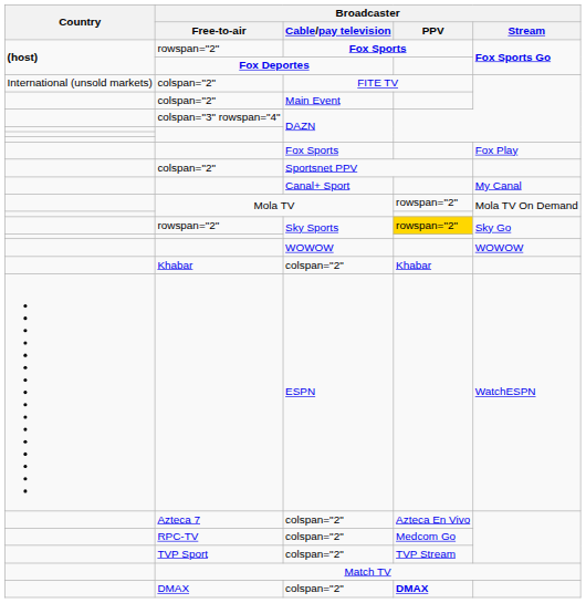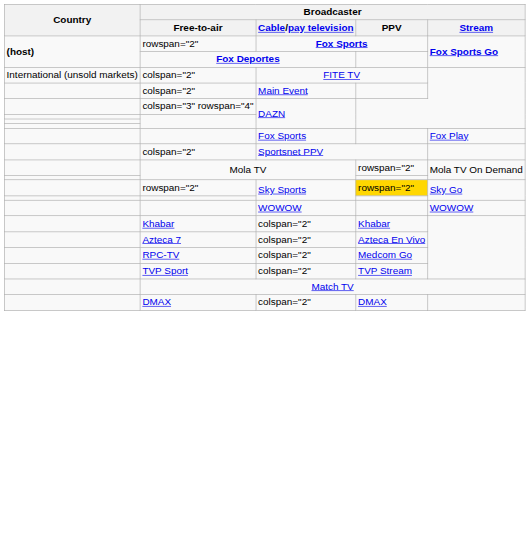 <table class="wikitable">
 <tr>
 <th rowspan="2">Country</th>
 <th colspan="4">Broadcaster</th>
 </tr>
 <tr>
 <th><strong>Free-to-air</strong></th>
 <th><a href='#'>Cable</a><strong>/</strong><a href='#'>pay television</a></th>
 <th><strong>PPV</strong></th>
 <th><a href='#'>Stream</a></th>
 </tr>
 <tr>
 <td rowspan="2"><strong></strong> <strong>(host)</strong></td>
 <td>rowspan="2" </td>
 <td colspan="2" align="center"><a href='#'><strong>Fox Sports</strong></a></td>
 <td rowspan="2"><strong><a href='#'>Fox Sports Go</a></strong></td>
 </tr>
 <tr>
 <td colspan="2" align="center"><strong><a href='#'>Fox Deportes</a></strong></td>
 </tr>
 <tr>
 <td>International (unsold markets)</td>
 <td>colspan="2" </td>
 <td colspan="2" align="center"><a href='#'>FITE TV</a></td>
 </tr>
 <tr>
 <td></td>
 <td>colspan="2" </td>
 <td><a href='#'>Main Event</a></td>
 <td></td>
 </tr>
 <tr>
 <td></td>
 <td>colspan="3" rowspan="4" </td>
 <td rowspan="4"><a href='#'>DAZN</a></td>
 </tr>
 <tr>
 <td></td>
 </tr>
 <tr>
 <td></td>
 </tr>
 <tr>
 <td></td>
 </tr>
 <tr>
 <td></td>
 <td></td>
 <td><a href='#'>Fox Sports</a></td>
 <td></td>
 <td><a href='#'>Fox Play</a></td>
 </tr>
 <tr>
 <td></td>
 <td>colspan="2" </td>
 <td colspan="2"><a href='#'>Sportsnet PPV</a></td>
 </tr>
 <tr>
 <td></td>
-<td></td>
-<td><a href='#'>Canal+ Sport</a></td>
-<td></td>
-<td><a href='#'>My Canal</a></td>
-</tr>
-<tr>
-<td></td>
 <td colspan="2" rowspan="2" align="center">Mola TV</td>
 <td>rowspan="2" </td>
 <td rowspan="2">Mola TV On Demand</td>
 </tr>
 <tr>
 <td></td>
 </tr>
 <tr>
 <td></td>
 <td>rowspan="2" </td>
 <td rowspan="2"><a href='#'>Sky Sports</a></td>
 <td style="background: gold;">rowspan="2" </td>
 <td rowspan="2"><a href='#'>Sky Go</a></td>
 </tr>
 <tr>
 <td></td>
 </tr>
 <tr>
 <td></td>
 <td></td>
 <td><a href='#'>WOWOW</a></td>
 <td></td>
 <td><a href='#'>WOWOW</a></td>
 </tr>
 <tr>
 <td></td>
 <td><a href='#'>Khabar</a></td>
 <td>colspan="2" </td>
 <td><a href='#'>Khabar</a></td>
 </tr>
 <tr>
-<td><br><ul><li></li><li></li><li></li><li></li><li></li><li></li><li></li><li></li><li></li><li></li><li></li><li></li><li></li><li></li><li></li><li></li></ul></td>
-<td></td>
-<td><a href='#'>ESPN</a></td>
-<td></td>
-<td><a href='#'>WatchESPN</a></td>
-</tr>
-<tr>
 <td></td>
 <td><a href='#'>Azteca 7</a></td>
 <td>colspan="2" </td>
 <td><a href='#'>Azteca En Vivo</a></td>
 </tr>
 <tr>
 <td></td>
 <td><a href='#'>RPC-TV</a></td>
 <td>colspan="2" </td>
 <td><a href='#'>Medcom Go</a></td>
 </tr>
 <tr>
 <td></td>
 <td><a href='#'>TVP Sport</a></td>
 <td>colspan="2" </td>
 <td><a href='#'>TVP Stream</a></td>
 </tr>
 <tr>
 <td></td>
 <td colspan="4" align="center"><a href='#'>Match TV</a></td>
 </tr>
 <tr>
 <td></td>
 <td><a href='#'>DMAX</a></td>
 <td>colspan="2" </td>
-<td><strong><a href='#'>DMAX</a></strong></td>
+<td><a href='#'>DMAX</a></td>
 </tr>
 </table>
